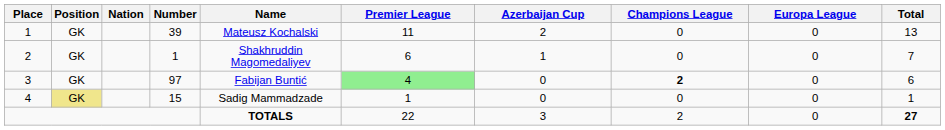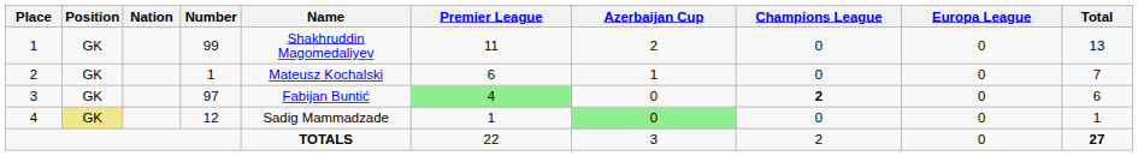 <table class="wikitable" style="font-size: 95%; text-align: center;">
 <tr>
 <th width=60>Place</th>
 <th width=60>Position</th>
 <th width=60>Nation</th>
 <th width=60>Number</th>
 <th width=200>Name</th>
 <th width=200><a href='#'>Premier League</a></th>
 <th width=200><a href='#'>Azerbaijan Cup</a></th>
 <th width=200><a href='#'>Champions League</a></th>
 <th width=200><a href='#'>Europa League</a></th>
 <th width=80><strong>Total</strong></th>
 </tr>
 <tr>
 <td>1</td>
 <td>GK</td>
 <td></td>
-<td>39</td>
-<td><a href='#'>Mateusz Kochalski</a></td>
+<td>99</td>
+<td><a href='#'>Shakhruddin Magomedaliyev</a></td>
 <td>11</td>
 <td>2</td>
 <td>0</td>
 <td>0</td>
 <td>13</td>
 </tr>
 <tr>
 <td>2</td>
 <td>GK</td>
 <td></td>
 <td>1</td>
-<td><a href='#'>Shakhruddin Magomedaliyev</a></td>
+<td><a href='#'>Mateusz Kochalski</a></td>
 <td>6</td>
 <td>1</td>
 <td>0</td>
 <td>0</td>
 <td>7</td>
 </tr>
 <tr>
 <td>3</td>
 <td>GK</td>
 <td></td>
 <td>97</td>
 <td><a href='#'>Fabijan Buntić</a></td>
 <td style="background: lightgreen;">4</td>
 <td>0</td>
 <td><strong>2</strong></td>
 <td>0</td>
 <td>6</td>
 </tr>
 <tr>
 <td>4</td>
 <td style="background: khaki;">GK</td>
 <td></td>
-<td>15</td>
+<td>12</td>
 <td>Sadig Mammadzade</td>
 <td>1</td>
-<td>0</td>
+<td style="background: lightgreen;">0</td>
 <td>0</td>
 <td>0</td>
 <td>1</td>
 </tr>
 <tr>
 <td colspan="4"></td>
 <td><strong>TOTALS</strong></td>
 <td>22</td>
 <td>3</td>
 <td>2</td>
 <td>0</td>
 <td><strong>27</strong></td>
 </tr>
 </table>
